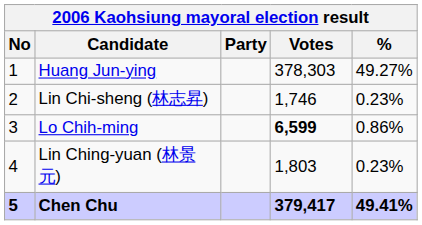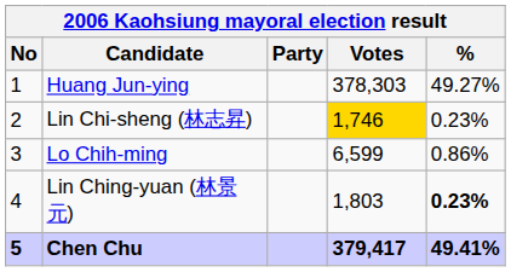 <table class="wikitable sortable mw-collapsible">
 <tr>
 <th colspan="5"><a href='#'>2006 Kaohsiung mayoral election</a> result</th>
 </tr>
 <tr>
 <th width="20">No</th>
 <th width="170">Candidate</th>
 <th width="30">Party</th>
 <th width="70">Votes</th>
 <th width="40">%</th>
 </tr>
 <tr>
 <td>1</td>
 <td><a href='#'>Huang Jun-ying</a></td>
 <td></td>
 <td>378,303</td>
 <td>49.27%</td>
 </tr>
 <tr>
 <td>2</td>
 <td>Lin Chi-sheng (<a href='#'>林志昇</a>)</td>
 <td></td>
-<td>1,746</td>
+<td style="background: gold;">1,746</td>
 <td>0.23%</td>
 </tr>
 <tr>
 <td>3</td>
 <td><a href='#'>Lo Chih-ming</a></td>
 <td></td>
-<td><strong>6,599</strong></td>
+<td>6,599</td>
 <td>0.86%</td>
 </tr>
 <tr>
 <td>4</td>
 <td>Lin Ching-yuan (<a href='#'>林景元</a>)</td>
 <td></td>
 <td>1,803</td>
-<td>0.23%</td>
+<td><strong>0.23%</strong></td>
 </tr>
 <tr style="background:#ccccff">
 <td><strong>5</strong></td>
 <td><strong>Chen Chu</strong></td>
 <td></td>
 <td><strong>379,417</strong></td>
 <td><strong>49.41%</strong></td>
 </tr>
 </table>
